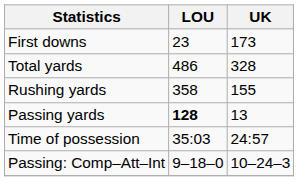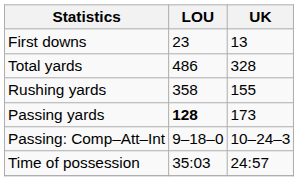 <table class="wikitable" style="float: left;">
 <tr>
 <th>Statistics</th>
 <th>LOU</th>
 <th>UK</th>
 </tr>
 <tr>
 <td>First downs</td>
 <td>23</td>
-<td>173</td>
+<td>13</td>
 </tr>
 <tr>
 <td>Total yards</td>
 <td>486</td>
 <td>328</td>
 </tr>
 <tr>
 <td>Rushing yards</td>
 <td>358</td>
 <td>155</td>
 </tr>
 <tr>
 <td>Passing yards</td>
 <td><strong>128</strong></td>
-<td>13</td>
+<td>173</td>
+</tr>
+<tr>
+<td>Passing: Comp–Att–Int</td>
+<td>9–18–0</td>
+<td>10–24–3</td>
 </tr>
 <tr>
 <td>Time of possession</td>
 <td>35:03</td>
 <td>24:57</td>
 </tr>
 <tr>
-<td>Passing: Comp–Att–Int</td>
-<td>9–18–0</td>
-<td>10–24–3</td>
-</tr>
-<tr>
 </tr>
 </table>
